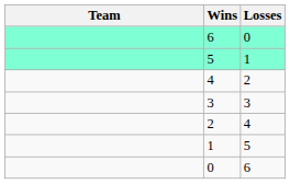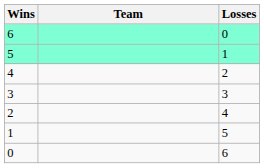 <table class="wikitable">
 <tr>
+<th>Wins</th>
 <th width=225>Team</th>
-<th>Wins</th>
 <th>Losses</th>
 </tr>
 <tr style="background:#7FFFD4">
+<td>6</td>
 <td></td>
-<td>6</td>
 <td>0</td>
 </tr>
 <tr style="background:#7FFFD4 ">
+<td>5</td>
 <td></td>
-<td>5</td>
 <td>1</td>
 </tr>
 <tr>
+<td>4</td>
 <td></td>
-<td>4</td>
 <td>2</td>
 </tr>
 <tr>
+<td>3</td>
 <td></td>
-<td>3</td>
 <td>3</td>
 </tr>
 <tr>
+<td>2</td>
 <td></td>
-<td>2</td>
 <td>4</td>
 </tr>
 <tr>
+<td>1</td>
 <td></td>
-<td>1</td>
 <td>5</td>
 </tr>
 <tr>
+<td>0</td>
 <td></td>
-<td>0</td>
 <td>6</td>
 </tr>
 </table>
